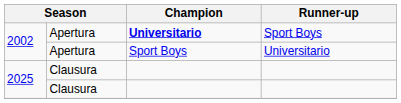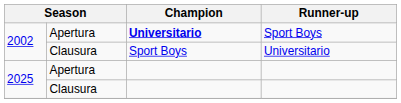 <table class="wikitable sortable">
 <tr>
 <th width="150" colspan="2">Season</th>
 <th width="175">Champion</th>
 <th width="175">Runner-up</th>
 </tr>
 <tr>
 <td rowspan=2 width=50><a href='#'>2002</a></td>
 <td width=100>Apertura</td>
 <td><strong><a href='#'>Universitario</a></strong></td>
 <td><a href='#'>Sport Boys</a></td>
 </tr>
 <tr>
-<td width=100>Apertura</td>
+<td>Clausura</td>
 <td><a href='#'>Sport Boys</a></td>
 <td><a href='#'>Universitario</a></td>
 </tr>
 <tr>
 <td rowspan=2 width=50><a href='#'>2025</a></td>
-<td>Clausura</td>
+<td width=100>Apertura</td>
 <td></td>
 <td></td>
 </tr>
 <tr>
 <td>Clausura</td>
 <td></td>
 <td></td>
 </tr>
 <tr>
 </tr>
 </table>
